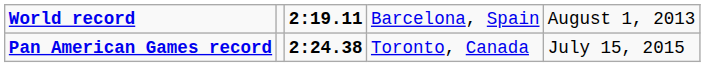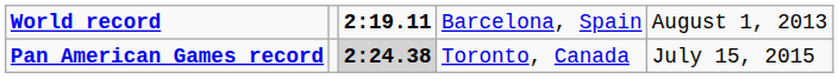 <table class="wikitable">
 <tr>
 <td><strong><a href='#'>World record</a></strong></td>
 <td></td>
 <td><strong>2:19.11</strong></td>
 <td><a href='#'>Barcelona</a>, <a href='#'>Spain</a></td>
 <td>August 1, 2013</td>
 </tr>
 <tr>
 <td><strong><a href='#'>Pan American Games record</a></strong></td>
 <td></td>
-<td><strong>2:24.38</strong></td>
+<td style="background: lightgrey;"><strong>2:24.38</strong></td>
 <td><a href='#'>Toronto</a>, <a href='#'>Canada</a></td>
 <td>July 15, 2015</td>
 </tr>
 </table>
